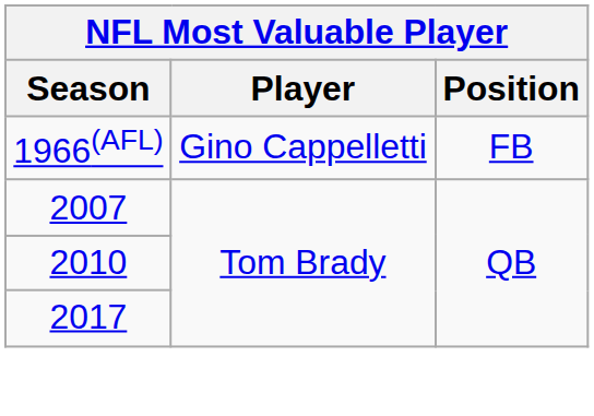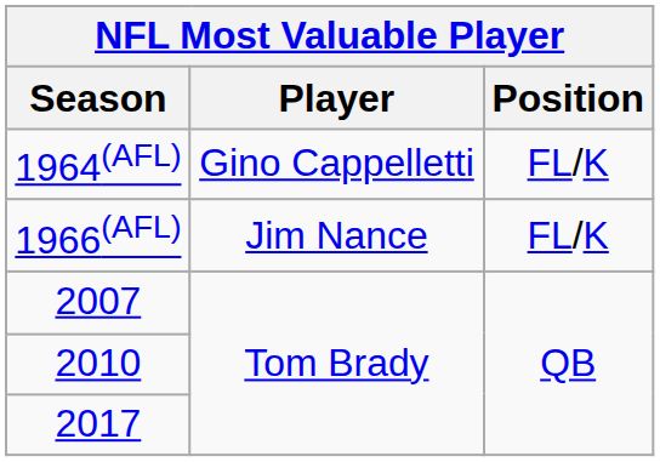 <table class="wikitable sortable" style="text-align:center">
 <tr>
 <th colspan="3"><a href='#'><span><u>NFL Most Valuable Player</u></span></a></th>
 </tr>
 <tr>
 <th>Season</th>
 <th>Player</th>
 <th>Position</th>
 </tr>
 <tr>
+<td><a href='#'>1964<sup>(AFL)</sup></a></td>
+<td><a href='#'>Gino Cappelletti</a></td>
+<td><a href='#'>FL</a>/<a href='#'>K</a></td>
+</tr>
+<tr>
 <td><a href='#'>1966<sup>(AFL)</sup></a></td>
-<td><a href='#'>Gino Cappelletti</a></td>
-<td><a href='#'>FB</a></td>
+<td><a href='#'>Jim Nance</a></td>
+<td><a href='#'>FL</a>/<a href='#'>K</a></td>
 </tr>
 <tr>
 <td><a href='#'>2007</a></td>
 <td rowspan=3><a href='#'>Tom Brady</a></td>
 <td rowspan=3><a href='#'>QB</a></td>
 </tr>
 <tr>
 <td><a href='#'>2010</a></td>
 </tr>
 <tr>
 <td><a href='#'>2017</a></td>
 </tr>
 </table>
